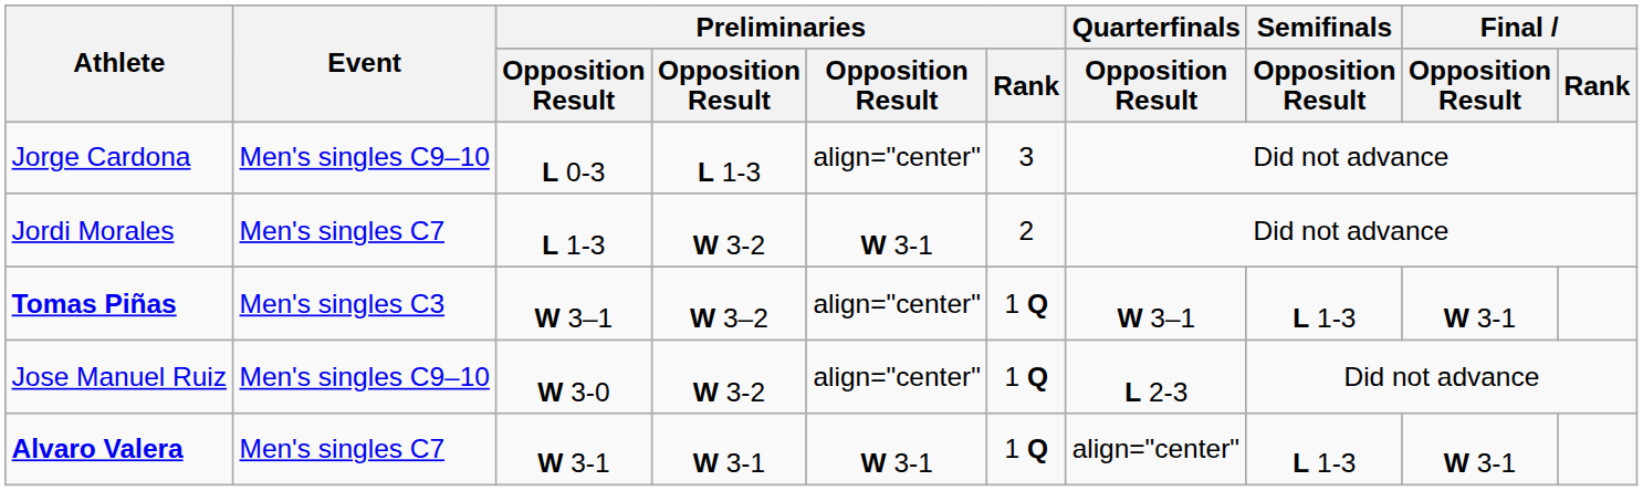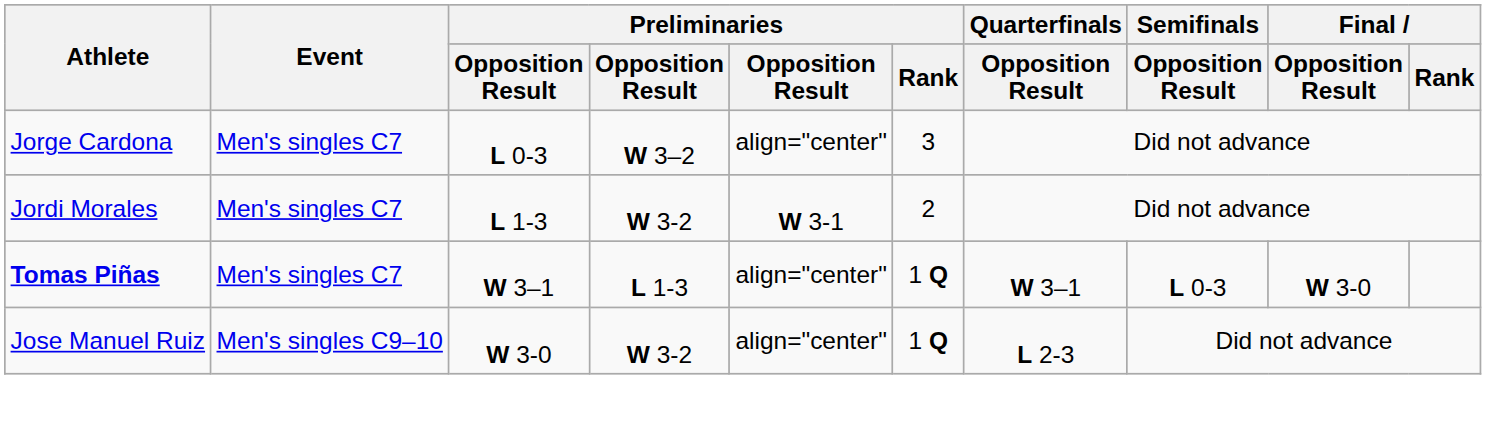 <table class=wikitable style="font-size:90%">
 <tr>
 <th rowspan="2">Athlete</th>
 <th rowspan="2">Event</th>
 <th colspan="4">Preliminaries</th>
 <th>Quarterfinals</th>
 <th>Semifinals</th>
 <th colspan="2">Final / </th>
 </tr>
 <tr>
 <th>Opposition<br>Result</th>
 <th>Opposition<br>Result</th>
 <th>Opposition<br>Result</th>
 <th>Rank</th>
 <th>Opposition<br>Result</th>
 <th>Opposition<br>Result</th>
 <th>Opposition<br>Result</th>
 <th>Rank</th>
 </tr>
 <tr>
 <td><a href='#'>Jorge Cardona</a></td>
-<td><a href='#'>Men's singles C9–10</a></td>
+<td><a href='#'>Men's singles C7</a></td>
 <td align="center"><br><strong>L</strong> 0-3</td>
-<td align="center"><br><strong>L</strong> 1-3</td>
+<td align="center"><br><strong>W</strong> 3–2</td>
 <td>align="center" </td>
 <td align="center">3</td>
 <td align="center" colspan="4">Did not advance</td>
 </tr>
 <tr>
 <td><a href='#'>Jordi Morales</a></td>
 <td><a href='#'>Men's singles C7</a></td>
 <td align="center"><br><strong>L</strong> 1-3</td>
 <td align="center"><br><strong>W</strong> 3-2</td>
 <td align="center"><br><strong>W</strong> 3-1</td>
 <td align="center">2</td>
 <td align="center" colspan="4">Did not advance</td>
 </tr>
 <tr>
 <td><strong><a href='#'>Tomas Piñas</a></strong></td>
-<td><a href='#'>Men's singles C3</a></td>
+<td><a href='#'>Men's singles C7</a></td>
 <td align="center"><br><strong>W</strong> 3–1</td>
-<td align="center"><br><strong>W</strong> 3–2</td>
+<td align="center"><br><strong>L</strong> 1-3</td>
 <td>align="center" </td>
 <td align="center">1 <strong>Q</strong></td>
 <td align="center"><br><strong>W</strong> 3–1</td>
-<td align="center"><br><strong>L</strong> 1-3</td>
-<td align="center"><br><strong>W</strong> 3-1</td>
+<td align="center"><br><strong>L</strong> 0-3</td>
+<td align="center"><br><strong>W</strong> 3-0</td>
 <td align="center"></td>
 </tr>
 <tr>
 <td><a href='#'>Jose Manuel Ruiz</a></td>
 <td><a href='#'>Men's singles C9–10</a></td>
 <td align="center"><br><strong>W</strong> 3-0</td>
 <td align="center"><br><strong>W</strong> 3-2</td>
 <td>align="center" </td>
 <td align="center">1 <strong>Q</strong></td>
 <td align="center"><br><strong>L</strong> 2-3</td>
 <td align="center" colspan="3">Did not advance</td>
 </tr>
-<tr>
-<td><strong><a href='#'>Alvaro Valera</a></strong></td>
-<td><a href='#'>Men's singles C7</a></td>
-<td align="center"><br><strong>W</strong> 3-1</td>
-<td align="center"><br><strong>W</strong> 3-1</td>
-<td align="center"><br><strong>W</strong> 3-1</td>
-<td align="center">1 <strong>Q</strong></td>
-<td>align="center" </td>
-<td align="center"><br><strong>L</strong> 1-3</td>
-<td align="center"><br><strong>W</strong> 3-1</td>
-<td align="center"></td>
-</tr>
 </table>
